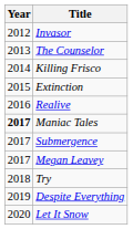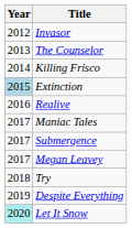 <table class="wikitable">
 <tr>
 <th>Year</th>
 <th>Title</th>
 </tr>
 <tr>
 <td>2012</td>
 <td><em><a href='#'>Invasor</a></em></td>
 </tr>
 <tr>
 <td>2013</td>
 <td><em><a href='#'>The Counselor</a></em></td>
 </tr>
 <tr>
 <td>2014</td>
 <td><em>Killing Frisco</em></td>
 </tr>
 <tr>
-<td>2015</td>
+<td style="background: lightblue;">2015</td>
 <td><em>Extinction</em></td>
 </tr>
 <tr>
 <td>2016</td>
 <td><em><a href='#'>Realive</a></em></td>
 </tr>
 <tr>
-<td><strong>2017</strong></td>
+<td>2017</td>
 <td><em>Maniac Tales</em></td>
 </tr>
 <tr>
 <td>2017</td>
 <td><a href='#'><em>Submergence</em></a></td>
 </tr>
 <tr>
 <td>2017</td>
 <td><a href='#'><em>Megan Leavey</em></a></td>
 </tr>
 <tr>
 <td>2018</td>
 <td><em>Try</em></td>
 </tr>
 <tr>
 <td>2019</td>
 <td><em><a href='#'>Despite Everything</a></em></td>
 </tr>
 <tr>
-<td>2020</td>
+<td style="background: paleturquoise;">2020</td>
 <td><a href='#'><em>Let It Snow</em></a></td>
 </tr>
 </table>
